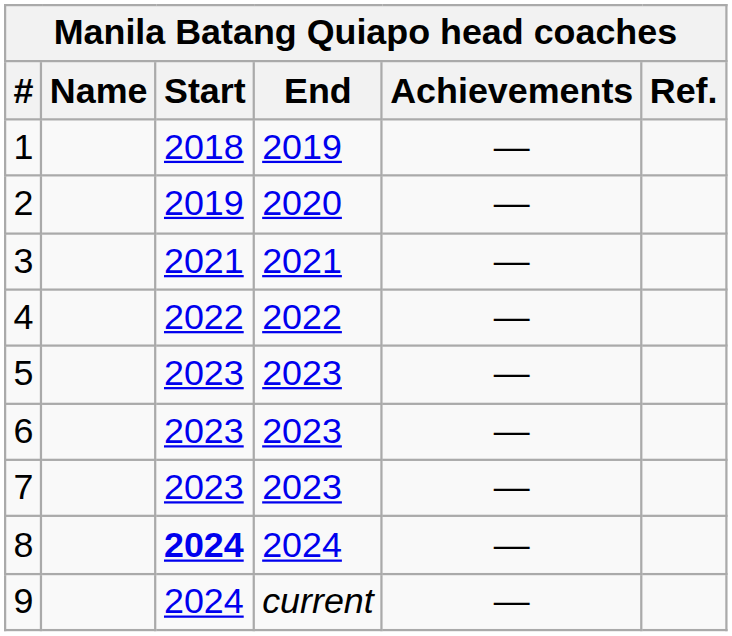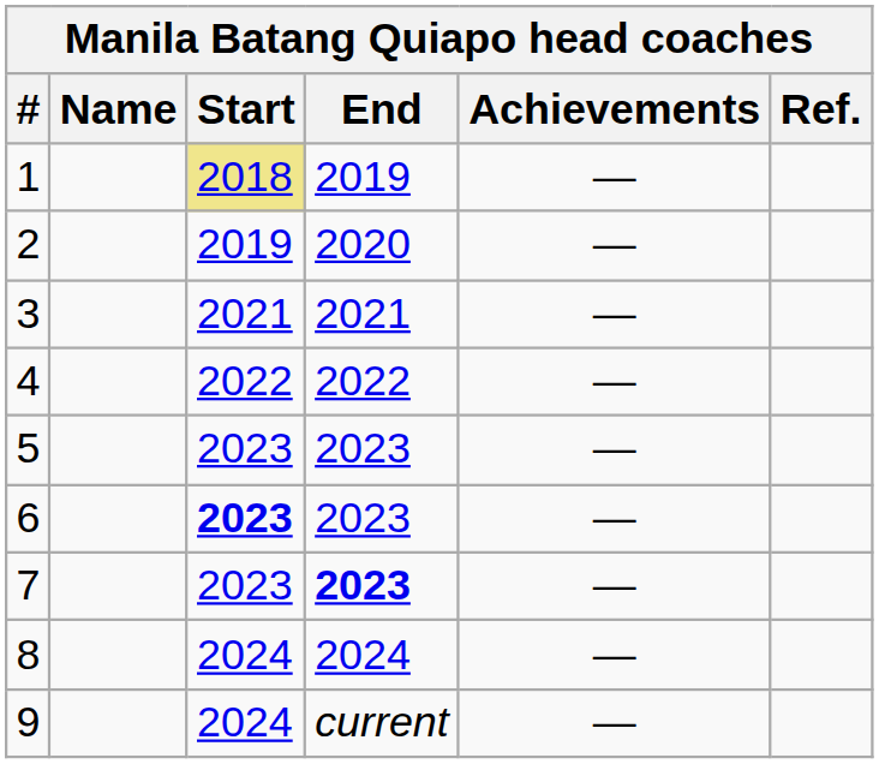 <table class="wikitable sortable">
 <tr>
 <th colspan="6">Manila Batang Quiapo head coaches</th>
 </tr>
 <tr>
 <th>#</th>
 <th>Name</th>
 <th>Start</th>
 <th>End</th>
 <th>Achievements</th>
 <th>Ref.</th>
 </tr>
 <tr>
 <td align=center>1</td>
 <td></td>
-<td><a href='#'>2018</a></td>
+<td style="background: khaki;"><a href='#'>2018</a></td>
 <td><a href='#'>2019</a></td>
 <td align=center>—</td>
 <td></td>
 </tr>
 <tr>
 <td align=center>2</td>
 <td></td>
 <td><a href='#'>2019</a></td>
 <td><a href='#'>2020</a></td>
 <td align=center>—</td>
 <td></td>
 </tr>
 <tr>
 <td align=center>3</td>
 <td></td>
 <td><a href='#'>2021</a></td>
 <td><a href='#'>2021</a></td>
 <td align=center>—</td>
 <td></td>
 </tr>
 <tr>
 <td align=center>4</td>
 <td></td>
 <td><a href='#'>2022</a></td>
 <td><a href='#'>2022</a></td>
 <td align=center>—</td>
 <td></td>
 </tr>
 <tr>
 <td align=center>5</td>
 <td></td>
 <td><a href='#'>2023</a></td>
 <td><a href='#'>2023</a></td>
 <td align=center>—</td>
 <td></td>
 </tr>
 <tr>
 <td align=center>6</td>
 <td></td>
-<td><a href='#'>2023</a></td>
+<td><strong><a href='#'>2023</a></strong></td>
 <td><a href='#'>2023</a></td>
 <td align=center>—</td>
 <td></td>
 </tr>
 <tr>
 <td align=center>7</td>
 <td></td>
 <td><a href='#'>2023</a></td>
-<td><a href='#'>2023</a></td>
+<td><strong><a href='#'>2023</a></strong></td>
 <td align=center>—</td>
 <td></td>
 </tr>
 <tr>
 <td align=center>8</td>
 <td></td>
-<td><strong><a href='#'>2024</a></strong></td>
+<td><a href='#'>2024</a></td>
 <td><a href='#'>2024</a></td>
 <td align=center>—</td>
 <td></td>
 </tr>
 <tr>
 <td align=center>9</td>
 <td></td>
 <td><a href='#'>2024</a></td>
 <td><em>current</em></td>
 <td align=center>—</td>
 <td></td>
 </tr>
 </table>
